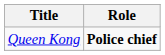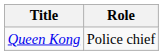 <table class="wikitable">
 <tr>
 <th>Title</th>
 <th>Role</th>
 </tr>
 <tr>
 <td><em><a href='#'>Queen Kong</a></em></td>
-<td><strong>Police chief</strong></td>
+<td>Police chief</td>
 </tr>
 </table>
